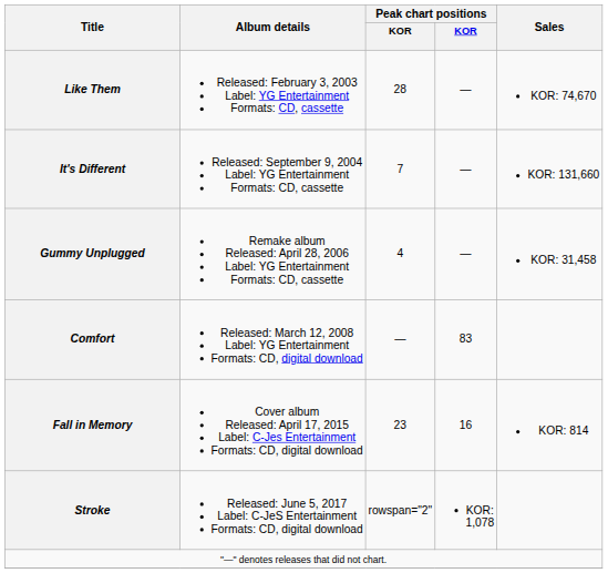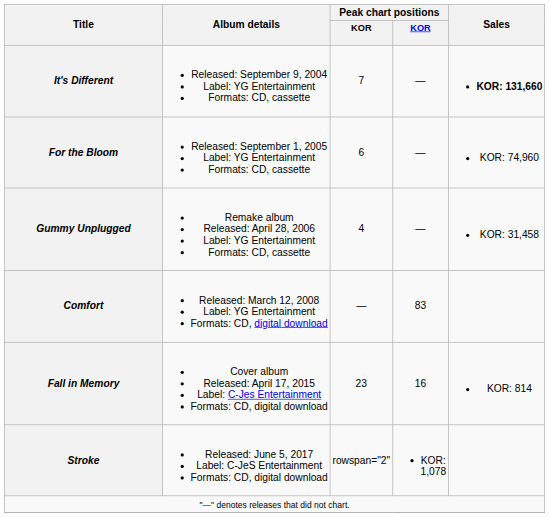 <table class="wikitable plainrowheaders" style="text-align:center;">
 <tr>
 <th rowspan="2" scope="col" style="width:15em;">Title</th>
 <th rowspan="2" scope="col">Album details</th>
 <th colspan="2" scope="col">Peak chart positions</th>
 <th rowspan="2" scope="col">Sales</th>
 </tr>
 <tr>
 <th scope="col" style="width:3em;font-size:90%;">KOR<br><br></th>
 <th scope="col" style="width:3em;font-size:90%;"><a href='#'>KOR<br></a><br></th>
 </tr>
 <tr>
-<th scope="row"><em>Like Them</em></th>
-<td><br><ul><li>Released: February 3, 2003</li><li>Label: <a href='#'>YG Entertainment</a></li><li>Formats: <a href='#'>CD</a>, <a href='#'>cassette</a></li></ul></td>
-<td>28</td>
-<td>—</td>
-<td><br><ul><li>KOR: 74,670</li></ul></td>
-</tr>
-<tr>
 <th scope="row"><em>It's Different</em></th>
 <td><br><ul><li>Released: September 9, 2004</li><li>Label: YG Entertainment</li><li>Formats: CD, cassette</li></ul></td>
 <td>7</td>
 <td>—</td>
-<td><br><ul><li>KOR: 131,660</li></ul></td>
+<td><strong><br><ul><li>KOR: 131,660</li></ul></strong></td>
+</tr>
+<tr>
+<th scope="row"><em>For the Bloom</em></th>
+<td><br><ul><li>Released: September 1, 2005</li><li>Label: YG Entertainment</li><li>Formats: CD, cassette</li></ul></td>
+<td>6</td>
+<td>—</td>
+<td><br><ul><li>KOR: 74,960</li></ul></td>
 </tr>
 <tr>
 <th scope="row"><em>Gummy Unplugged</em></th>
 <td><br><ul><li>Remake album</li><li>Released: April 28, 2006</li><li>Label: YG Entertainment</li><li>Formats: CD, cassette</li></ul></td>
 <td>4</td>
 <td>—</td>
 <td><br><ul><li>KOR: 31,458</li></ul></td>
 </tr>
 <tr>
 <th scope="row"><em>Comfort</em></th>
 <td><br><ul><li>Released: March 12, 2008</li><li>Label: YG Entertainment</li><li>Formats: CD, <a href='#'>digital download</a></li></ul></td>
 <td>—</td>
 <td>83</td>
 <td></td>
 </tr>
 <tr>
 <th scope="row"><em>Fall in Memory</em></th>
 <td><br><ul><li>Cover album</li><li>Released: April 17, 2015</li><li>Label: <a href='#'>C-Jes Entertainment</a></li><li>Formats: CD, digital download</li></ul></td>
 <td>23</td>
 <td>16</td>
 <td><br><ul><li>KOR: 814</li></ul></td>
 </tr>
 <tr>
 <th scope="row"><em>Stroke</em></th>
 <td><br><ul><li>Released: June 5, 2017</li><li>Label: C-JeS Entertainment</li><li>Formats: CD, digital download</li></ul></td>
 <td>rowspan="2" </td>
 <td><br><ul><li>KOR: 1,078</li></ul></td>
 </tr>
 <tr>
 <td colspan="5"><small>"—" denotes releases that did not chart.</small></td>
 </tr>
 <tr>
 </tr>
 </table>
